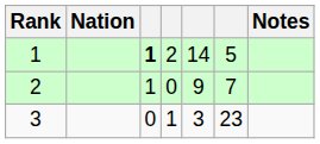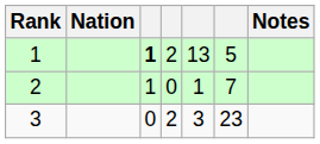 <table class="wikitable sortable" style="text-align: center;">
 <tr>
 <th>Rank</th>
 <th>Nation</th>
 <th></th>
 <th></th>
 <th></th>
 <th></th>
 <th>Notes</th>
 </tr>
 <tr style="background:#cfc;">
 <td>1</td>
 <td align=left></td>
 <td><strong>1</strong></td>
 <td>2</td>
-<td>14</td>
+<td>13</td>
 <td>5</td>
 <td></td>
 </tr>
 <tr style="background:#cfc;">
 <td>2</td>
 <td align=left></td>
 <td>1</td>
 <td>0</td>
-<td>9</td>
+<td>1</td>
 <td>7</td>
 <td></td>
 </tr>
 <tr>
 <td>3</td>
 <td align=left></td>
 <td>0</td>
-<td>1</td>
+<td>2</td>
 <td>3</td>
 <td>23</td>
 <td></td>
 </tr>
 </table>
